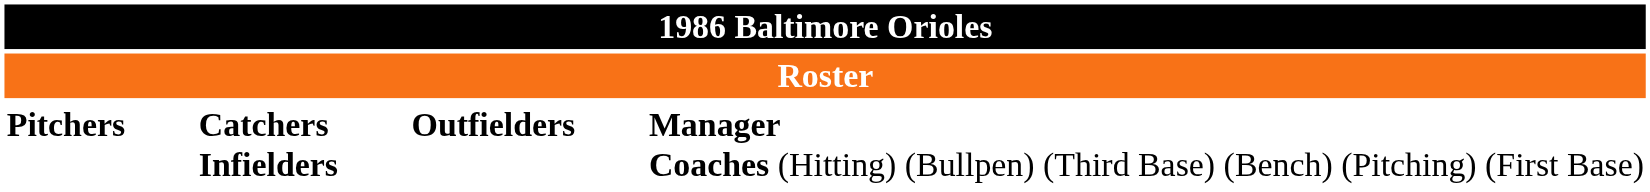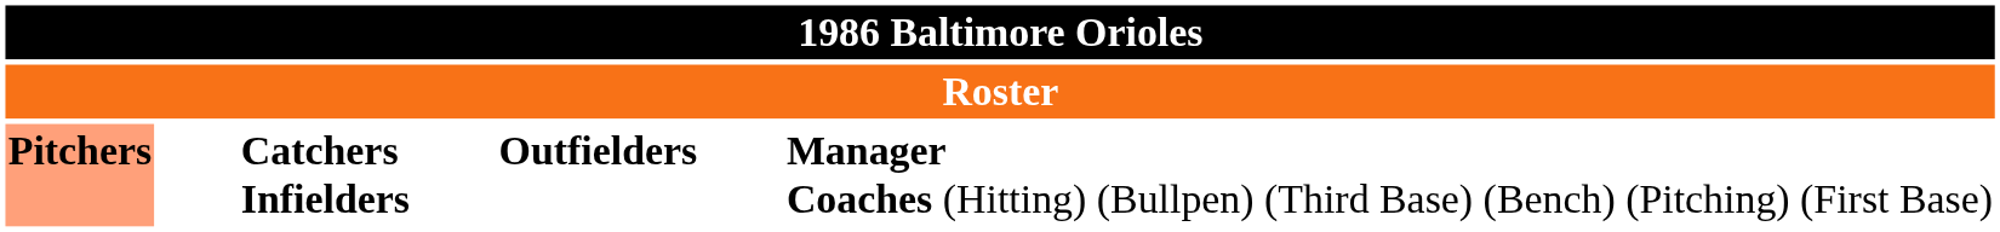 <table class="toccolours" style="font-size: 95%;">
 <tr>
 <th colspan="10" style="background-color: black; color: white; text-align: center;">1986 Baltimore Orioles</th>
 </tr>
 <tr>
 <td colspan="10" style="background-color: #F87217; color: white; text-align: center;"><strong>Roster</strong></td>
 </tr>
 <tr>
-<td valign="top"><strong>Pitchers</strong><br>                </td>
+<td valign="top" style="background: lightsalmon;"><strong>Pitchers</strong><br>                </td>
 <td width="25px"></td>
 <td valign="top"><strong>Catchers</strong><br>    <strong>Infielders</strong>            </td>
 <td width="25px"></td>
 <td valign="top"><strong>Outfielders</strong><br>       </td>
 <td width="25px"></td>
 <td valign="top"><strong>Manager</strong><br> <strong>Coaches</strong>  (Hitting)  (Bullpen)  (Third Base)  (Bench)  (Pitching)  (First Base)</td>
 </tr>
 <tr>
 </tr>
 </table>
